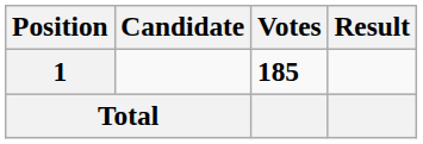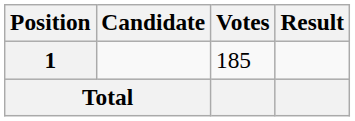 <table class="wikitable sortable col3right">
 <tr>
 <th scope="col">Position</th>
 <th scope="col">Candidate</th>
 <th scope="col">Votes</th>
 <th scope="col">Result</th>
 </tr>
 <tr>
 <th scope="row">1</th>
 <td></td>
-<td><strong>185</strong></td>
+<td>185</td>
 <td></td>
 </tr>
 <tr class="sortbottom">
 <th scope="row" colspan="2">Total</th>
 <th></th>
 <th></th>
 </tr>
 </table>
